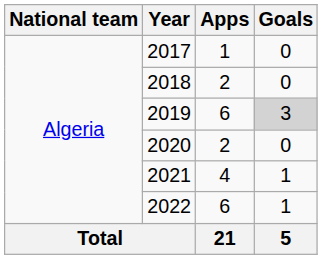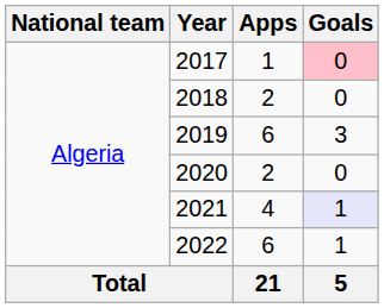 <table class="wikitable" style="text-align:center">
 <tr>
 <th>National team</th>
 <th>Year</th>
 <th>Apps</th>
 <th>Goals</th>
 </tr>
 <tr>
 <td rowspan="6"><a href='#'>Algeria</a></td>
 <td>2017</td>
 <td>1</td>
-<td>0</td>
+<td style="background: pink;">0</td>
 </tr>
 <tr>
 <td>2018</td>
 <td>2</td>
 <td>0</td>
 </tr>
 <tr>
 <td>2019</td>
 <td>6</td>
-<td style="background: lightgrey;">3</td>
+<td>3</td>
 </tr>
 <tr>
 <td>2020</td>
 <td>2</td>
 <td>0</td>
 </tr>
 <tr>
 <td>2021</td>
 <td>4</td>
-<td>1</td>
+<td style="background: lavender;">1</td>
 </tr>
 <tr>
 <td>2022</td>
 <td>6</td>
 <td>1</td>
 </tr>
 <tr>
 <th colspan="2">Total</th>
 <th>21</th>
 <th>5</th>
 </tr>
 </table>
